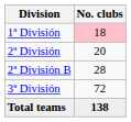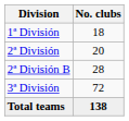 <table class="wikitable">
 <tr>
 <th>Division</th>
 <th>No. clubs</th>
 </tr>
 <tr>
 <td><a href='#'>1ª División</a></td>
-<td align=center style="background: pink;">18</td>
+<td align=center>18</td>
 </tr>
 <tr>
 <td><a href='#'>2ª División</a></td>
 <td align=center>20</td>
 </tr>
 <tr>
 <td><a href='#'>2ª División B</a></td>
 <td align=center>28</td>
 </tr>
 <tr>
 <td><a href='#'>3ª División</a></td>
 <td align=center>72</td>
 </tr>
 <tr style="background:#efefef; font-weight:bold;">
 <td>Total teams</td>
 <td align=center>138</td>
 </tr>
 </table>
